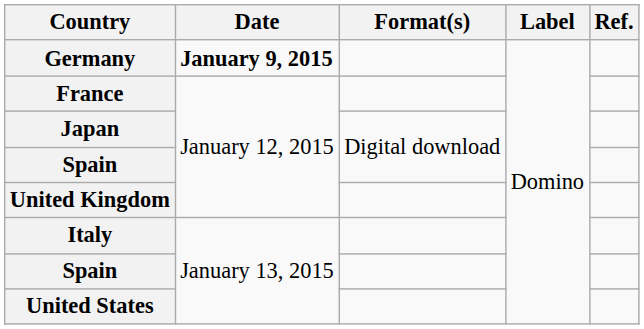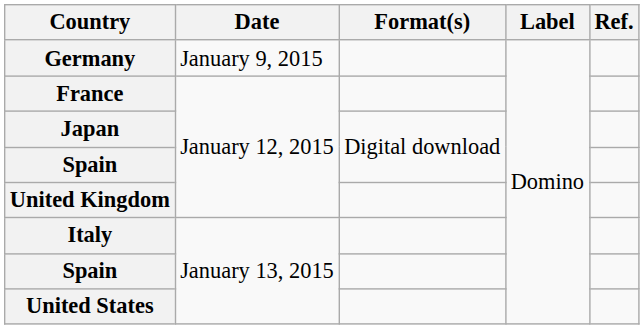 <table class="wikitable plainrowheaders">
 <tr>
 <th scope="col">Country</th>
 <th scope="col">Date</th>
 <th scope="col">Format(s)</th>
 <th scope="col">Label</th>
 <th scope="col">Ref.</th>
 </tr>
 <tr>
 <th scope="row">Germany</th>
-<td><strong>January 9, 2015</strong></td>
+<td>January 9, 2015</td>
 <td></td>
 <td rowspan="8">Domino</td>
 <td></td>
 </tr>
 <tr>
 <th scope="row">France</th>
 <td rowspan="4">January 12, 2015</td>
 <td></td>
 <td></td>
 </tr>
 <tr>
 <th scope="row">Japan</th>
 <td rowspan="2">Digital download</td>
 <td></td>
 </tr>
 <tr>
 <th scope="row">Spain</th>
 <td></td>
 </tr>
 <tr>
 <th scope="row">United Kingdom</th>
 <td></td>
 <td></td>
 </tr>
 <tr>
 <th scope="row">Italy</th>
 <td rowspan="3">January 13, 2015</td>
 <td></td>
 <td></td>
 </tr>
 <tr>
 <th scope="row">Spain</th>
 <td></td>
 <td></td>
 </tr>
 <tr>
 <th scope="row">United States</th>
 <td></td>
 <td></td>
 </tr>
 </table>
